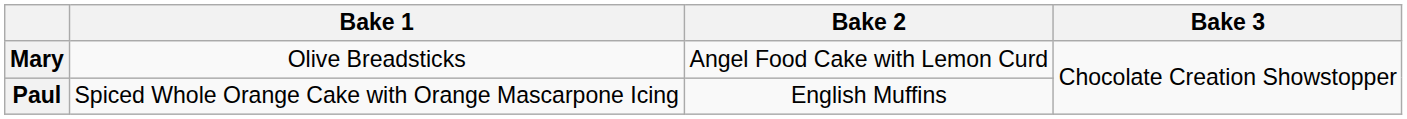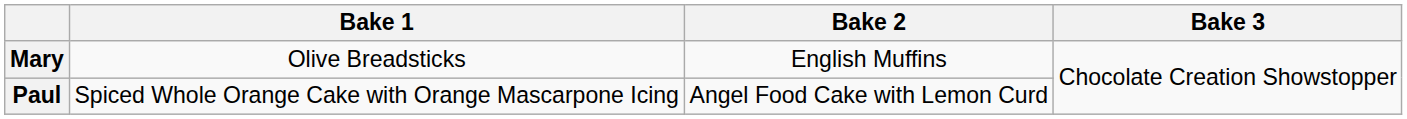 <table class="wikitable" style="text-align:center;">
 <tr>
 <th scope="col"></th>
 <th scope="col">Bake 1</th>
 <th scope="col">Bake 2</th>
 <th scope="col">Bake 3</th>
 </tr>
 <tr>
 <th scope="row">Mary</th>
 <td>Olive Breadsticks</td>
-<td>Angel Food Cake with Lemon Curd</td>
+<td>English Muffins</td>
 <td rowspan="2">Chocolate Creation Showstopper</td>
 </tr>
 <tr>
 <th scope="row">Paul</th>
 <td>Spiced Whole Orange Cake with Orange Mascarpone Icing</td>
-<td>English Muffins</td>
+<td>Angel Food Cake with Lemon Curd</td>
 </tr>
 </table>
